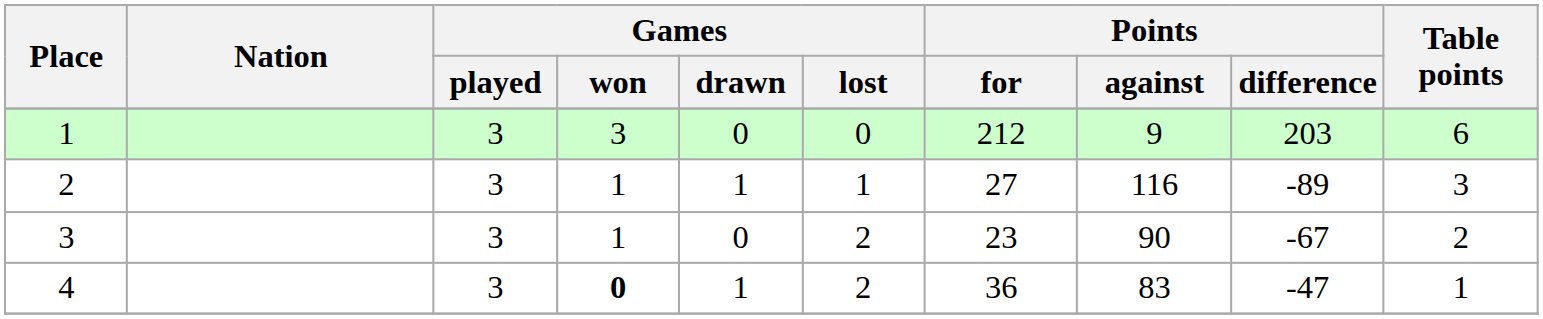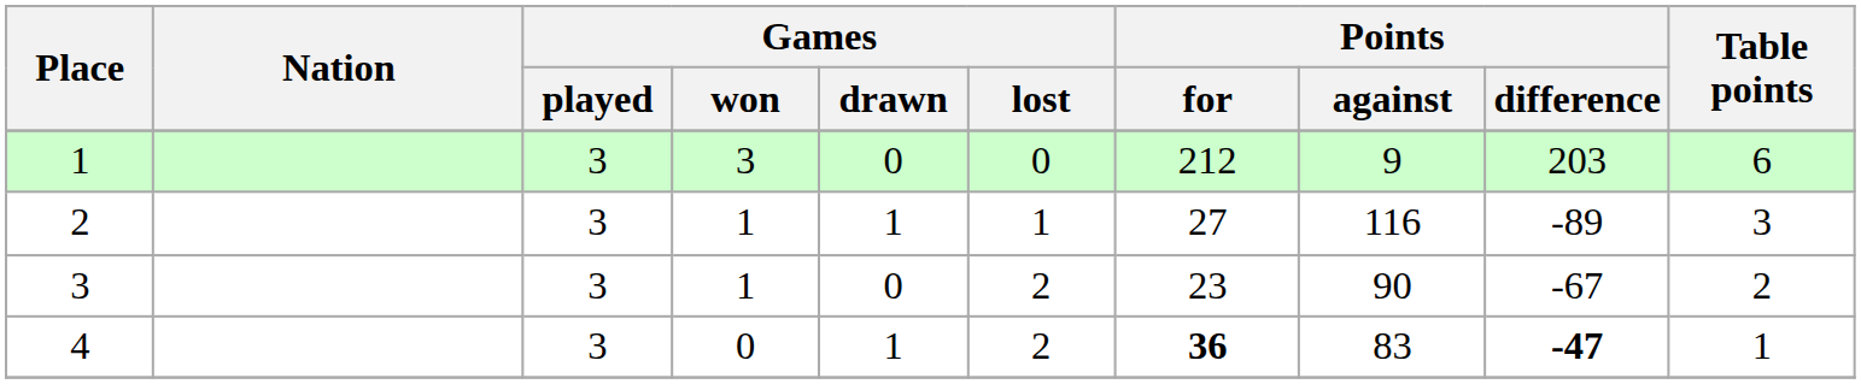 <table class="wikitable">
 <tr>
 <th rowspan=2 width="8%">Place</th>
 <th rowspan=2 width="20%">Nation</th>
 <th colspan=4 width="32%">Games</th>
 <th colspan=3 width="30%">Points</th>
 <th rowspan=2 width="10%">Table<br>points</th>
 </tr>
 <tr>
 <th width="8%">played</th>
 <th width="8%">won</th>
 <th width="8%">drawn</th>
 <th width="8%">lost</th>
 <th width="10%">for</th>
 <th width="10%">against</th>
 <th width="10%">difference</th>
 </tr>
 <tr>
 </tr>
 <tr bgcolor=#ccffcc align=center>
 <td>1</td>
 <td align=left><strong></strong></td>
 <td>3</td>
 <td>3</td>
 <td>0</td>
 <td>0</td>
 <td>212</td>
 <td>9</td>
 <td>203</td>
 <td>6</td>
 </tr>
 <tr bgcolor=#ffffff align=center>
 <td>2</td>
 <td align=left></td>
 <td>3</td>
 <td>1</td>
 <td>1</td>
 <td>1</td>
 <td>27</td>
 <td>116</td>
 <td>-89</td>
 <td>3</td>
 </tr>
 <tr bgcolor=#ffffff align=center>
 <td>3</td>
 <td align=left></td>
 <td>3</td>
 <td>1</td>
 <td>0</td>
 <td>2</td>
 <td>23</td>
 <td>90</td>
 <td>-67</td>
 <td>2</td>
 </tr>
 <tr bgcolor=#ffffff align=center>
 <td>4</td>
 <td align=left></td>
 <td>3</td>
-<td><strong>0</strong></td>
+<td>0</td>
 <td>1</td>
 <td>2</td>
-<td>36</td>
+<td><strong>36</strong></td>
 <td>83</td>
-<td>-47</td>
+<td><strong>-47</strong></td>
 <td>1</td>
 </tr>
 <tr bgcolor=#ffcccc align=center>
 </tr>
 </table>
